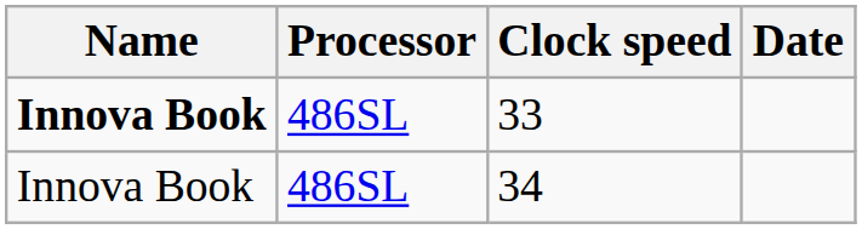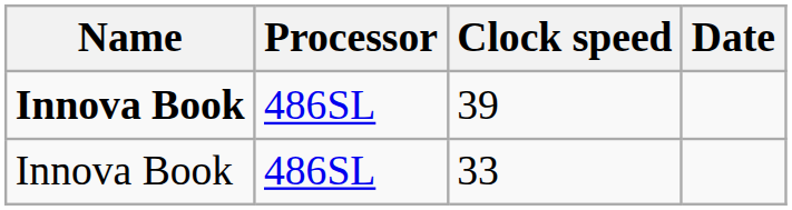 <table class="wikitable sortable">
 <tr>
 <th>Name</th>
 <th>Processor</th>
 <th>Clock speed<br></th>
 <th>Date</th>
 </tr>
 <tr>
 <td><strong>Innova Book </strong></td>
 <td><a href='#'>486SL</a></td>
-<td>33</td>
+<td>39</td>
 <td></td>
 </tr>
 <tr>
 <td>Innova Book </td>
 <td><a href='#'>486SL</a></td>
-<td>34</td>
+<td>33</td>
 <td></td>
 </tr>
 </table>
